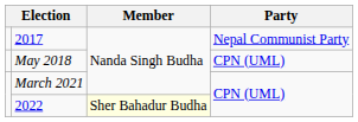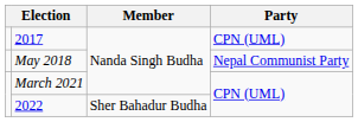 <table class="wikitable">
 <tr>
 <th colspan="2">Election</th>
 <th>Member</th>
 <th>Party</th>
 </tr>
 <tr>
 <td style="color:inherit;background:"></td>
 <td><a href='#'>2017</a></td>
 <td rowspan="3">Nanda Singh Budha</td>
-<td><a href='#'>Nepal Communist Party</a></td>
+<td><a href='#'>CPN (UML)</a></td>
 </tr>
 <tr>
 <td style="color:inherit;background:"></td>
 <td><em>May 2018</em></td>
-<td><a href='#'>CPN (UML)</a></td>
+<td><a href='#'>Nepal Communist Party</a></td>
 </tr>
 <tr>
 <td rowspan="2" style="color:inherit;background:"></td>
 <td><em>March 2021</em></td>
 <td rowspan="2"><a href='#'>CPN (UML)</a></td>
 </tr>
 <tr>
 <td><a href='#'>2022</a></td>
-<td style="background: lightyellow;">Sher Bahadur Budha</td>
+<td>Sher Bahadur Budha</td>
 </tr>
 </table>
